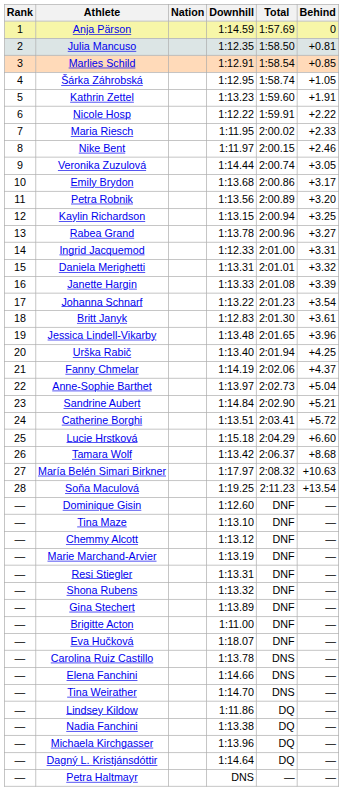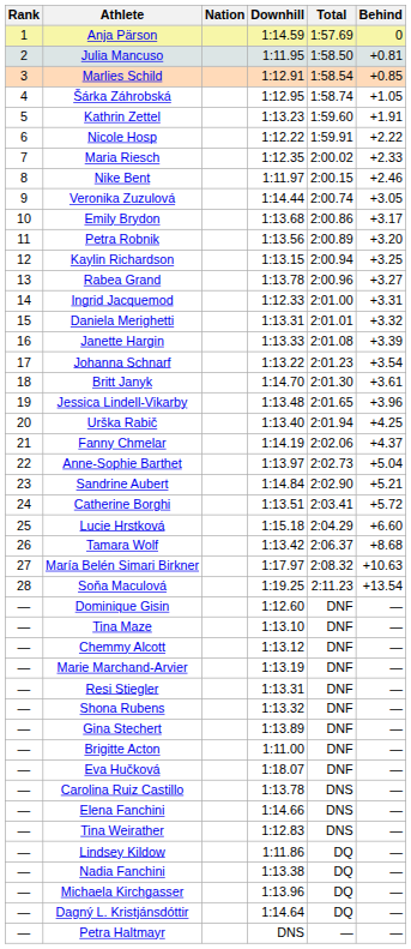 <table class=wikitable>
 <tr>
 <th>Rank</th>
 <th>Athlete</th>
 <th>Nation</th>
 <th>Downhill</th>
 <th>Total</th>
 <th>Behind</th>
 </tr>
 <tr bgcolor="#F7F6A8">
 <td align="center">1</td>
 <td align="center"><a href='#'>Anja Pärson</a></td>
 <td></td>
 <td align="right">1:14.59</td>
 <td align="right">1:57.69</td>
 <td align="right">0</td>
 </tr>
 <tr bgcolor="#DCE5E5">
 <td align="center">2</td>
 <td align="center"><a href='#'>Julia Mancuso</a></td>
 <td></td>
-<td align="right">1:12.35</td>
+<td align="right">1:11.95</td>
 <td align="right">1:58.50</td>
 <td align="right">+0.81</td>
 </tr>
 <tr bgcolor="#FFDAB9">
 <td align="center">3</td>
 <td align="center"><a href='#'>Marlies Schild</a></td>
 <td></td>
 <td align="right">1:12.91</td>
 <td align="right">1:58.54</td>
 <td align="right">+0.85</td>
 </tr>
 <tr bgcolor="#FFFFFF">
 <td align="center">4</td>
 <td align="center"><a href='#'>Šárka Záhrobská</a></td>
 <td></td>
 <td align="right">1:12.95</td>
 <td align="right">1:58.74</td>
 <td align="right">+1.05</td>
 </tr>
 <tr bgcolor="#FFFFFF">
 <td align="center">5</td>
 <td align="center"><a href='#'>Kathrin Zettel</a></td>
 <td></td>
 <td align="right">1:13.23</td>
 <td align="right">1:59.60</td>
 <td align="right">+1.91</td>
 </tr>
 <tr bgcolor="#FFFFFF">
 <td align="center">6</td>
 <td align="center"><a href='#'>Nicole Hosp</a></td>
 <td></td>
 <td align="right">1:12.22</td>
 <td align="right">1:59.91</td>
 <td align="right">+2.22</td>
 </tr>
 <tr bgcolor="#FFFFFF">
 <td align="center">7</td>
 <td align="center"><a href='#'>Maria Riesch</a></td>
 <td></td>
-<td align="right">1:11.95</td>
+<td align="right">1:12.35</td>
 <td align="right">2:00.02</td>
 <td align="right">+2.33</td>
 </tr>
 <tr bgcolor="#FFFFFF">
 <td align="center">8</td>
 <td align="center"><a href='#'>Nike Bent</a></td>
 <td></td>
 <td align="right">1:11.97</td>
 <td align="right">2:00.15</td>
 <td align="right">+2.46</td>
 </tr>
 <tr bgcolor="#FFFFFF">
 <td align="center">9</td>
 <td align="center"><a href='#'>Veronika Zuzulová</a></td>
 <td></td>
 <td align="right">1:14.44</td>
 <td align="right">2:00.74</td>
 <td align="right">+3.05</td>
 </tr>
 <tr bgcolor="#FFFFFF">
 <td align="center">10</td>
 <td align="center"><a href='#'>Emily Brydon</a></td>
 <td></td>
 <td align="right">1:13.68</td>
 <td align="right">2:00.86</td>
 <td align="right">+3.17</td>
 </tr>
 <tr bgcolor="#FFFFFF">
 <td align="center">11</td>
 <td align="center"><a href='#'>Petra Robnik</a></td>
 <td></td>
 <td align="right">1:13.56</td>
 <td align="right">2:00.89</td>
 <td align="right">+3.20</td>
 </tr>
 <tr bgcolor="#FFFFFF">
 <td align="center">12</td>
 <td align="center"><a href='#'>Kaylin Richardson</a></td>
 <td></td>
 <td align="right">1:13.15</td>
 <td align="right">2:00.94</td>
 <td align="right">+3.25</td>
 </tr>
 <tr bgcolor="#FFFFFF">
 <td align="center">13</td>
 <td align="center"><a href='#'>Rabea Grand</a></td>
 <td></td>
 <td align="right">1:13.78</td>
 <td align="right">2:00.96</td>
 <td align="right">+3.27</td>
 </tr>
 <tr bgcolor="#FFFFFF">
 <td align="center">14</td>
 <td align="center"><a href='#'>Ingrid Jacquemod</a></td>
 <td></td>
 <td align="right">1:12.33</td>
 <td align="right">2:01.00</td>
 <td align="right">+3.31</td>
 </tr>
 <tr bgcolor="#FFFFFF">
 <td align="center">15</td>
 <td align="center"><a href='#'>Daniela Merighetti</a></td>
 <td></td>
 <td align="right">1:13.31</td>
 <td align="right">2:01.01</td>
 <td align="right">+3.32</td>
 </tr>
 <tr bgcolor="#FFFFFF">
 <td align="center">16</td>
 <td align="center"><a href='#'>Janette Hargin</a></td>
 <td></td>
 <td align="right">1:13.33</td>
 <td align="right">2:01.08</td>
 <td align="right">+3.39</td>
 </tr>
 <tr bgcolor="#FFFFFF">
 <td align="center">17</td>
 <td align="center"><a href='#'>Johanna Schnarf</a></td>
 <td></td>
 <td align="right">1:13.22</td>
 <td align="right">2:01.23</td>
 <td align="right">+3.54</td>
 </tr>
 <tr bgcolor="#FFFFFF">
 <td align="center">18</td>
 <td align="center"><a href='#'>Britt Janyk</a></td>
 <td></td>
-<td align="right">1:12.83</td>
+<td align="right">1:14.70</td>
 <td align="right">2:01.30</td>
 <td align="right">+3.61</td>
 </tr>
 <tr bgcolor="#FFFFFF">
 <td align="center">19</td>
 <td align="center"><a href='#'>Jessica Lindell-Vikarby</a></td>
 <td></td>
 <td align="right">1:13.48</td>
 <td align="right">2:01.65</td>
 <td align="right">+3.96</td>
 </tr>
 <tr bgcolor="#FFFFFF">
 <td align="center">20</td>
 <td align="center"><a href='#'>Urška Rabič</a></td>
 <td></td>
 <td align="right">1:13.40</td>
 <td align="right">2:01.94</td>
 <td align="right">+4.25</td>
 </tr>
 <tr bgcolor="#FFFFFF">
 <td align="center">21</td>
 <td align="center"><a href='#'>Fanny Chmelar</a></td>
 <td></td>
 <td align="right">1:14.19</td>
 <td align="right">2:02.06</td>
 <td align="right">+4.37</td>
 </tr>
 <tr bgcolor="#FFFFFF">
 <td align="center">22</td>
 <td align="center"><a href='#'>Anne-Sophie Barthet</a></td>
 <td></td>
 <td align="right">1:13.97</td>
 <td align="right">2:02.73</td>
 <td align="right">+5.04</td>
 </tr>
 <tr bgcolor="#FFFFFF">
 <td align="center">23</td>
 <td align="center"><a href='#'>Sandrine Aubert</a></td>
 <td></td>
 <td align="right">1:14.84</td>
 <td align="right">2:02.90</td>
 <td align="right">+5.21</td>
 </tr>
 <tr bgcolor="#FFFFFF">
 <td align="center">24</td>
 <td align="center"><a href='#'>Catherine Borghi</a></td>
 <td></td>
 <td align="right">1:13.51</td>
 <td align="right">2:03.41</td>
 <td align="right">+5.72</td>
 </tr>
 <tr bgcolor="#FFFFFF">
 <td align="center">25</td>
 <td align="center"><a href='#'>Lucie Hrstková</a></td>
 <td></td>
 <td align="right">1:15.18</td>
 <td align="right">2:04.29</td>
 <td align="right">+6.60</td>
 </tr>
 <tr bgcolor="#FFFFFF">
 <td align="center">26</td>
 <td align="center"><a href='#'>Tamara Wolf</a></td>
 <td></td>
 <td align="right">1:13.42</td>
 <td align="right">2:06.37</td>
 <td align="right">+8.68</td>
 </tr>
 <tr bgcolor="#FFFFFF">
 <td align="center">27</td>
 <td align="center"><a href='#'>María Belén Simari Birkner</a></td>
 <td></td>
 <td align="right">1:17.97</td>
 <td align="right">2:08.32</td>
 <td align="right">+10.63</td>
 </tr>
 <tr bgcolor="#FFFFFF">
 <td align="center">28</td>
 <td align="center"><a href='#'>Soňa Maculová</a></td>
 <td></td>
 <td align="right">1:19.25</td>
 <td align="right">2:11.23</td>
 <td align="right">+13.54</td>
 </tr>
 <tr bgcolor="#FFFFFF">
 <td align="center">—</td>
 <td align="center"><a href='#'>Dominique Gisin</a></td>
 <td></td>
 <td align="right">1:12.60</td>
 <td align="right">DNF</td>
 <td align="right">—</td>
 </tr>
 <tr bgcolor="#FFFFFF">
 <td align="center">—</td>
 <td align="center"><a href='#'>Tina Maze</a></td>
 <td></td>
 <td align="right">1:13.10</td>
 <td align="right">DNF</td>
 <td align="right">—</td>
 </tr>
 <tr bgcolor="#FFFFFF">
 <td align="center">—</td>
 <td align="center"><a href='#'>Chemmy Alcott</a></td>
 <td></td>
 <td align="right">1:13.12</td>
 <td align="right">DNF</td>
 <td align="right">—</td>
 </tr>
 <tr bgcolor="#FFFFFF">
 <td align="center">—</td>
 <td align="center"><a href='#'>Marie Marchand-Arvier</a></td>
 <td></td>
 <td align="right">1:13.19</td>
 <td align="right">DNF</td>
 <td align="right">—</td>
 </tr>
 <tr bgcolor="#FFFFFF">
 <td align="center">—</td>
 <td align="center"><a href='#'>Resi Stiegler</a></td>
 <td></td>
 <td align="right">1:13.31</td>
 <td align="right">DNF</td>
 <td align="right">—</td>
 </tr>
 <tr bgcolor="#FFFFFF">
 <td align="center">—</td>
 <td align="center"><a href='#'>Shona Rubens</a></td>
 <td></td>
 <td align="right">1:13.32</td>
 <td align="right">DNF</td>
 <td align="right">—</td>
 </tr>
 <tr bgcolor="#FFFFFF">
 <td align="center">—</td>
 <td align="center"><a href='#'>Gina Stechert</a></td>
 <td></td>
 <td align="right">1:13.89</td>
 <td align="right">DNF</td>
 <td align="right">—</td>
 </tr>
 <tr bgcolor="#FFFFFF">
 <td align="center">—</td>
 <td align="center"><a href='#'>Brigitte Acton</a></td>
 <td></td>
 <td align="right">1:11.00</td>
 <td align="right">DNF</td>
 <td align="right">—</td>
 </tr>
 <tr bgcolor="#FFFFFF">
 <td align="center">—</td>
 <td align="center"><a href='#'>Eva Hučková</a></td>
 <td></td>
 <td align="right">1:18.07</td>
 <td align="right">DNF</td>
 <td align="right">—</td>
 </tr>
 <tr bgcolor="#FFFFFF">
 <td align="center">—</td>
 <td align="center"><a href='#'>Carolina Ruiz Castillo</a></td>
 <td></td>
 <td align="right">1:13.78</td>
 <td align="right">DNS</td>
 <td align="right">—</td>
 </tr>
 <tr bgcolor="#FFFFFF">
 <td align="center">—</td>
 <td align="center"><a href='#'>Elena Fanchini</a></td>
 <td></td>
 <td align="right">1:14.66</td>
 <td align="right">DNS</td>
 <td align="right">—</td>
 </tr>
 <tr bgcolor="#FFFFFF">
 <td align="center">—</td>
 <td align="center"><a href='#'>Tina Weirather</a></td>
 <td></td>
-<td align="right">1:14.70</td>
+<td align="right">1:12.83</td>
 <td align="right">DNS</td>
 <td align="right">—</td>
 </tr>
 <tr bgcolor="#FFFFFF">
 <td align="center">—</td>
 <td align="center"><a href='#'>Lindsey Kildow</a></td>
 <td></td>
 <td align="right">1:11.86</td>
 <td align="right">DQ</td>
 <td align="right">—</td>
 </tr>
 <tr bgcolor="#FFFFFF">
 <td align="center">—</td>
 <td align="center"><a href='#'>Nadia Fanchini</a></td>
 <td></td>
 <td align="right">1:13.38</td>
 <td align="right">DQ</td>
 <td align="right">—</td>
 </tr>
 <tr bgcolor="#FFFFFF">
 <td align="center">—</td>
 <td align="center"><a href='#'>Michaela Kirchgasser</a></td>
 <td></td>
 <td align="right">1:13.96</td>
 <td align="right">DQ</td>
 <td align="right">—</td>
 </tr>
 <tr bgcolor="#FFFFFF">
 <td align="center">—</td>
 <td align="center"><a href='#'>Dagný L. Kristjánsdóttir</a></td>
 <td></td>
 <td align="right">1:14.64</td>
 <td align="right">DQ</td>
 <td align="right">—</td>
 </tr>
 <tr bgcolor="#FFFFFF">
 <td align="center">—</td>
 <td align="center"><a href='#'>Petra Haltmayr</a></td>
 <td></td>
 <td align="right">DNS</td>
 <td align="right">—</td>
 <td align="right">—</td>
 </tr>
 </table>
